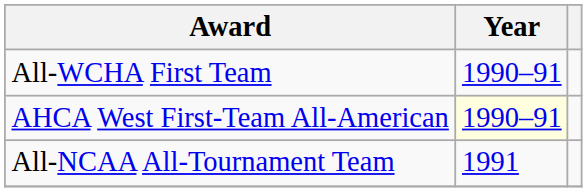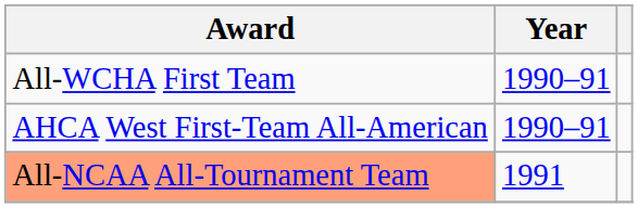 <table class="wikitable">
 <tr>
 <th>Award</th>
 <th>Year</th>
 <th></th>
 </tr>
 <tr>
 <td>All-<a href='#'>WCHA</a> <a href='#'>First Team</a></td>
 <td><a href='#'>1990–91</a></td>
 <td></td>
 </tr>
 <tr>
 <td><a href='#'>AHCA</a> <a href='#'>West First-Team All-American</a></td>
-<td style="background: lightyellow;"><a href='#'>1990–91</a></td>
+<td><a href='#'>1990–91</a></td>
 <td></td>
 </tr>
 <tr>
-<td>All-<a href='#'>NCAA</a> <a href='#'>All-Tournament Team</a></td>
+<td style="background: lightsalmon;">All-<a href='#'>NCAA</a> <a href='#'>All-Tournament Team</a></td>
 <td><a href='#'>1991</a></td>
 <td></td>
 </tr>
 <tr>
 </tr>
 </table>
